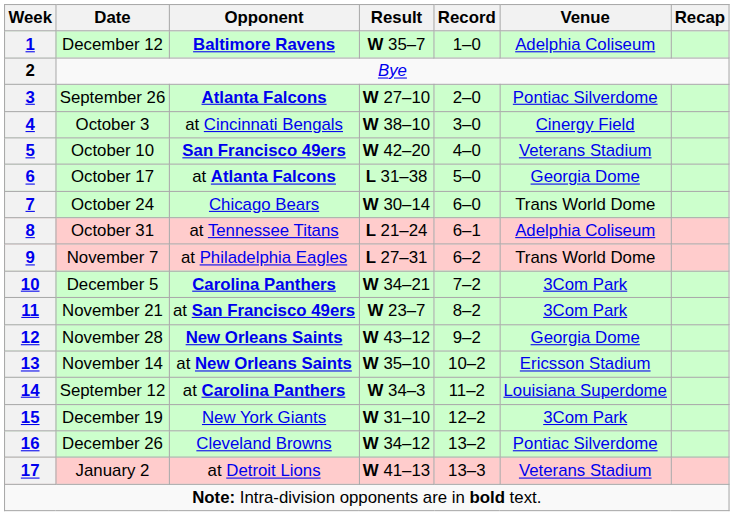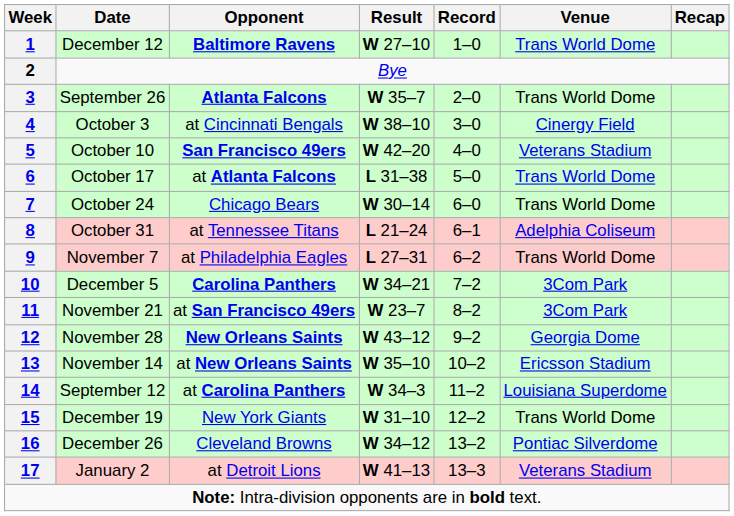 <table class="wikitable" style="text-align:center">
 <tr>
 <th>Week</th>
 <th>Date</th>
 <th>Opponent</th>
 <th>Result</th>
 <th>Record</th>
 <th>Venue</th>
 <th>Recap</th>
 </tr>
 <tr style="background:#cfc">
 <th><a href='#'>1</a></th>
 <td>December 12</td>
 <td><strong><a href='#'>Baltimore Ravens</a></strong></td>
-<td><strong>W</strong> 35–7</td>
+<td><strong>W</strong> 27–10</td>
 <td>1–0</td>
-<td><a href='#'>Adelphia Coliseum</a></td>
+<td><a href='#'>Trans World Dome</a></td>
 <td></td>
 </tr>
 <tr>
 <th>2</th>
 <td colSpan=8 align="center"><em><a href='#'>Bye</a></em></td>
 </tr>
 <tr style="background:#cfc">
 <th><a href='#'>3</a></th>
 <td>September 26</td>
 <td><strong><a href='#'>Atlanta Falcons</a></strong></td>
-<td><strong>W</strong> 27–10</td>
+<td><strong>W</strong> 35–7</td>
 <td>2–0</td>
-<td><a href='#'>Pontiac Silverdome</a></td>
+<td>Trans World Dome</td>
 <td></td>
 </tr>
 <tr style="background:#cfc">
 <th><a href='#'>4</a></th>
 <td>October 3</td>
 <td>at <a href='#'>Cincinnati Bengals</a></td>
 <td><strong>W</strong> 38–10</td>
 <td>3–0</td>
 <td><a href='#'>Cinergy Field</a></td>
 <td></td>
 </tr>
 <tr style="background:#cfc">
 <th><a href='#'>5</a></th>
 <td>October 10</td>
 <td><strong><a href='#'>San Francisco 49ers</a></strong></td>
 <td><strong>W</strong> 42–20</td>
 <td>4–0</td>
 <td><a href='#'>Veterans Stadium</a></td>
 <td></td>
 </tr>
 <tr style="background:#cfc">
 <th><a href='#'>6</a></th>
 <td>October 17</td>
 <td>at <strong><a href='#'>Atlanta Falcons</a></strong></td>
 <td><strong>L</strong> 31–38</td>
 <td>5–0</td>
-<td><a href='#'>Georgia Dome</a></td>
+<td><a href='#'>Trans World Dome</a></td>
 <td></td>
 </tr>
 <tr style="background:#cfc">
 <th><a href='#'>7</a></th>
 <td>October 24</td>
 <td><a href='#'>Chicago Bears</a></td>
 <td><strong>W</strong> 30–14</td>
 <td>6–0</td>
 <td>Trans World Dome</td>
 <td></td>
 </tr>
 <tr style="background:#fcc">
 <th><a href='#'>8</a></th>
 <td>October 31</td>
 <td>at <a href='#'>Tennessee Titans</a></td>
 <td><strong>L</strong> 21–24</td>
 <td>6–1</td>
 <td><a href='#'>Adelphia Coliseum</a></td>
 <td></td>
 </tr>
 <tr style="background:#fcc">
 <th><a href='#'>9</a></th>
 <td>November 7</td>
 <td>at <a href='#'>Philadelphia Eagles</a></td>
 <td><strong>L</strong> 27–31</td>
 <td>6–2</td>
 <td>Trans World Dome</td>
 <td></td>
 </tr>
 <tr style="background:#cfc">
 <th><a href='#'>10</a></th>
 <td>December 5</td>
 <td><strong><a href='#'>Carolina Panthers</a></strong></td>
 <td><strong>W</strong> 34–21</td>
 <td>7–2</td>
 <td><a href='#'>3Com Park</a></td>
 <td></td>
 </tr>
 <tr style="background:#cfc">
 <th><a href='#'>11</a></th>
 <td>November 21</td>
 <td>at <strong><a href='#'>San Francisco 49ers</a></strong></td>
 <td><strong>W</strong> 23–7</td>
 <td>8–2</td>
 <td><a href='#'>3Com Park</a></td>
 <td></td>
 </tr>
 <tr style="background:#cfc">
 <th><a href='#'>12</a></th>
 <td>November 28</td>
 <td><strong><a href='#'>New Orleans Saints</a></strong></td>
 <td><strong>W</strong> 43–12</td>
 <td>9–2</td>
 <td><a href='#'>Georgia Dome</a></td>
 <td></td>
 </tr>
 <tr style="background:#cfc">
 <th><a href='#'>13</a></th>
 <td>November 14</td>
 <td>at <strong><a href='#'>New Orleans Saints</a></strong></td>
 <td><strong>W</strong> 35–10</td>
 <td>10–2</td>
 <td><a href='#'>Ericsson Stadium</a></td>
 <td></td>
 </tr>
 <tr style="background:#cfc">
 <th><a href='#'>14</a></th>
 <td>September 12</td>
 <td>at <strong><a href='#'>Carolina Panthers</a></strong></td>
 <td><strong>W</strong> 34–3</td>
 <td>11–2</td>
 <td><a href='#'>Louisiana Superdome</a></td>
 <td></td>
 </tr>
 <tr style="background:#cfc">
 <th><a href='#'>15</a></th>
 <td>December 19</td>
 <td><a href='#'>New York Giants</a></td>
 <td><strong>W</strong> 31–10</td>
 <td>12–2</td>
-<td><a href='#'>3Com Park</a></td>
+<td>Trans World Dome</td>
 <td></td>
 </tr>
 <tr style="background:#cfc">
 <th><a href='#'>16</a></th>
 <td>December 26</td>
 <td><a href='#'>Cleveland Browns</a></td>
 <td><strong>W</strong> 34–12</td>
 <td>13–2</td>
 <td><a href='#'>Pontiac Silverdome</a></td>
 <td></td>
 </tr>
 <tr style="background:#fcc">
 <th><a href='#'>17</a></th>
 <td>January 2</td>
 <td>at <a href='#'>Detroit Lions</a></td>
 <td><strong>W</strong> 41–13</td>
 <td>13–3</td>
 <td><a href='#'>Veterans Stadium</a></td>
 <td></td>
 </tr>
 <tr>
 <td colspan="8"><strong>Note:</strong> Intra-division opponents are in <strong>bold</strong> text.</td>
 </tr>
 </table>
